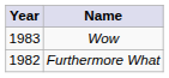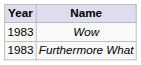 <table class="wikitable" style="text-align:center; margin: 6px;">
 <tr>
 <th style="background:#dde;">Year</th>
 <th style="background:#dde;">Name</th>
 </tr>
 <tr>
 <td>1983</td>
 <td><em>Wow</em></td>
 </tr>
 <tr>
-<td>1982</td>
+<td>1983</td>
 <td><em>Furthermore What</em></td>
 </tr>
 </table>
